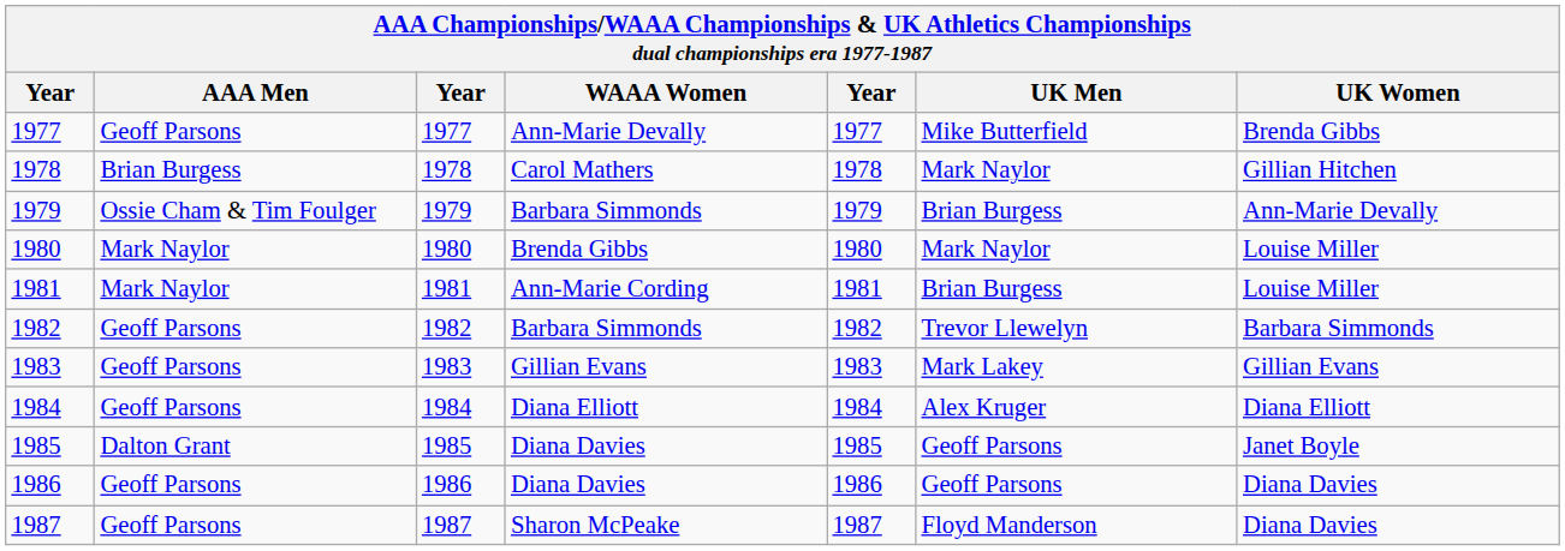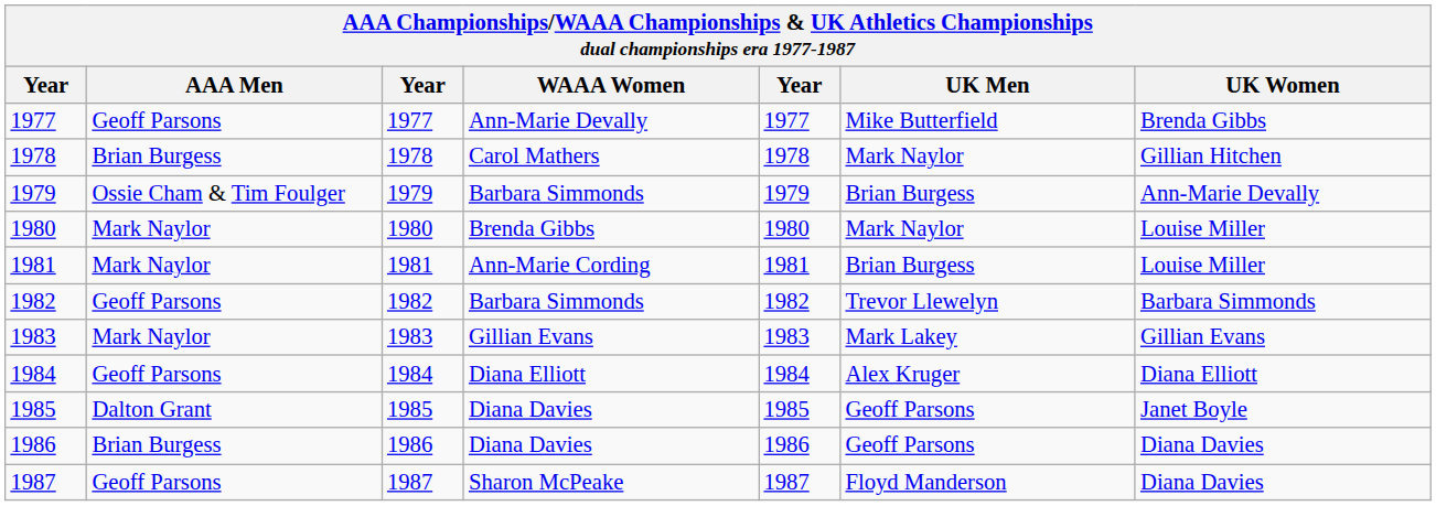 <table class="wikitable">
 <tr>
 <th colspan="7"><a href='#'>AAA Championships</a>/<a href='#'>WAAA Championships</a> & <a href='#'>UK Athletics Championships</a><br><em><small>dual championships era 1977-1987</small></em></th>
 </tr>
 <tr>
 <th width=50>Year</th>
 <th width=200>AAA Men</th>
 <th width=50>Year</th>
 <th width=200>WAAA Women</th>
 <th width=50>Year</th>
 <th width=200>UK Men</th>
 <th width=200>UK Women</th>
 </tr>
 <tr>
 <td><a href='#'>1977</a></td>
 <td><a href='#'>Geoff Parsons</a></td>
 <td><a href='#'>1977</a></td>
 <td><a href='#'>Ann-Marie Devally</a></td>
 <td><a href='#'>1977</a></td>
 <td><a href='#'>Mike Butterfield</a></td>
 <td><a href='#'>Brenda Gibbs</a></td>
 </tr>
 <tr>
 <td><a href='#'>1978</a></td>
 <td><a href='#'>Brian Burgess</a></td>
 <td><a href='#'>1978</a></td>
 <td><a href='#'>Carol Mathers</a></td>
 <td><a href='#'>1978</a></td>
 <td><a href='#'>Mark Naylor</a></td>
 <td><a href='#'>Gillian Hitchen</a></td>
 </tr>
 <tr>
 <td><a href='#'>1979</a></td>
 <td><a href='#'>Ossie Cham</a> & <a href='#'>Tim Foulger</a></td>
 <td><a href='#'>1979</a></td>
 <td><a href='#'>Barbara Simmonds</a></td>
 <td><a href='#'>1979</a></td>
 <td><a href='#'>Brian Burgess</a></td>
 <td><a href='#'>Ann-Marie Devally</a></td>
 </tr>
 <tr>
 <td><a href='#'>1980</a></td>
 <td><a href='#'>Mark Naylor</a></td>
 <td><a href='#'>1980</a></td>
 <td><a href='#'>Brenda Gibbs</a></td>
 <td><a href='#'>1980</a></td>
 <td><a href='#'>Mark Naylor</a></td>
 <td><a href='#'>Louise Miller</a></td>
 </tr>
 <tr>
 <td><a href='#'>1981</a></td>
 <td><a href='#'>Mark Naylor</a></td>
 <td><a href='#'>1981</a></td>
 <td><a href='#'>Ann-Marie Cording</a></td>
 <td><a href='#'>1981</a></td>
 <td><a href='#'>Brian Burgess</a></td>
 <td><a href='#'>Louise Miller</a></td>
 </tr>
 <tr>
 <td><a href='#'>1982</a></td>
 <td><a href='#'>Geoff Parsons</a></td>
 <td><a href='#'>1982</a></td>
 <td><a href='#'>Barbara Simmonds</a></td>
 <td><a href='#'>1982</a></td>
 <td><a href='#'>Trevor Llewelyn</a></td>
 <td><a href='#'>Barbara Simmonds</a></td>
 </tr>
 <tr>
 <td><a href='#'>1983</a></td>
-<td><a href='#'>Geoff Parsons</a></td>
+<td><a href='#'>Mark Naylor</a></td>
 <td><a href='#'>1983</a></td>
 <td><a href='#'>Gillian Evans</a></td>
 <td><a href='#'>1983</a></td>
 <td><a href='#'>Mark Lakey</a></td>
 <td><a href='#'>Gillian Evans</a></td>
 </tr>
 <tr>
 <td><a href='#'>1984</a></td>
 <td><a href='#'>Geoff Parsons</a></td>
 <td><a href='#'>1984</a></td>
 <td><a href='#'>Diana Elliott</a></td>
 <td><a href='#'>1984</a></td>
 <td><a href='#'>Alex Kruger</a></td>
 <td><a href='#'>Diana Elliott</a></td>
 </tr>
 <tr>
 <td><a href='#'>1985</a></td>
 <td><a href='#'>Dalton Grant</a></td>
 <td><a href='#'>1985</a></td>
 <td><a href='#'>Diana Davies</a></td>
 <td><a href='#'>1985</a></td>
 <td><a href='#'>Geoff Parsons</a></td>
 <td><a href='#'>Janet Boyle</a></td>
 </tr>
 <tr>
 <td><a href='#'>1986</a></td>
-<td><a href='#'>Geoff Parsons</a></td>
+<td><a href='#'>Brian Burgess</a></td>
 <td><a href='#'>1986</a></td>
 <td><a href='#'>Diana Davies</a></td>
 <td><a href='#'>1986</a></td>
 <td><a href='#'>Geoff Parsons</a></td>
 <td><a href='#'>Diana Davies</a></td>
 </tr>
 <tr>
 <td><a href='#'>1987</a></td>
 <td><a href='#'>Geoff Parsons</a></td>
 <td><a href='#'>1987</a></td>
 <td><a href='#'>Sharon McPeake</a></td>
 <td><a href='#'>1987</a></td>
 <td><a href='#'>Floyd Manderson</a></td>
 <td><a href='#'>Diana Davies</a></td>
 </tr>
 </table>
